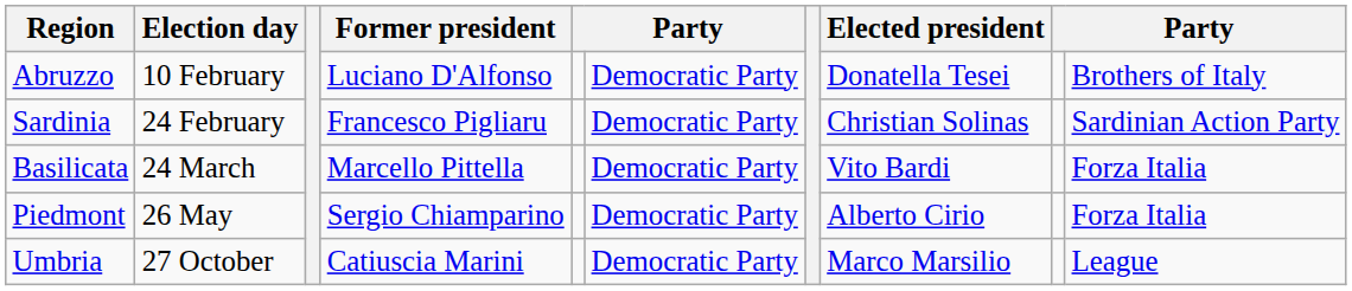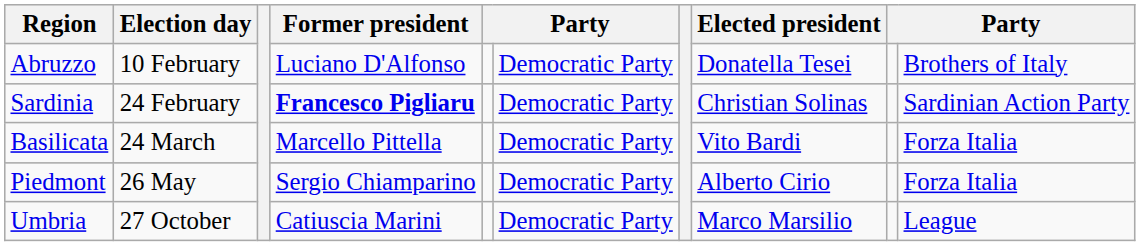 <table class="wikitable" style="valign:top;">
 <tr>
 <th>Region</th>
 <th>Election day</th>
 <th rowspan=6 style="width:1px;"></th>
 <th>Former president</th>
 <th colspan=2>Party</th>
 <th rowspan=6 style="width:1px;"></th>
 <th>Elected president</th>
 <th colspan=2>Party</th>
 </tr>
 <tr>
 <td><a href='#'>Abruzzo</a></td>
 <td>10 February</td>
 <td><a href='#'>Luciano D'Alfonso</a></td>
 <td style="background-color:"></td>
 <td align="left"><a href='#'>Democratic Party</a></td>
 <td><a href='#'>Donatella Tesei</a></td>
 <td style="background-color:"></td>
 <td align="left"><a href='#'>Brothers of Italy</a></td>
 </tr>
 <tr>
 <td><a href='#'>Sardinia</a></td>
 <td>24 February</td>
-<td><a href='#'>Francesco Pigliaru</a></td>
+<td><strong><a href='#'>Francesco Pigliaru</a></strong></td>
 <td style="background-color:"></td>
 <td align="left"><a href='#'>Democratic Party</a></td>
 <td><a href='#'>Christian Solinas</a></td>
 <td style="background-color:"></td>
 <td align="left"><a href='#'>Sardinian Action Party</a></td>
 </tr>
 <tr>
 <td><a href='#'>Basilicata</a></td>
 <td>24 March</td>
 <td><a href='#'>Marcello Pittella</a></td>
 <td style="background-color:"></td>
 <td align="left"><a href='#'>Democratic Party</a></td>
 <td><a href='#'>Vito Bardi</a></td>
 <td style="background-color:"></td>
 <td align="left"><a href='#'>Forza Italia</a></td>
 </tr>
 <tr>
 <td><a href='#'>Piedmont</a></td>
 <td>26 May</td>
 <td><a href='#'>Sergio Chiamparino</a></td>
 <td style="background-color:"></td>
 <td align="left"><a href='#'>Democratic Party</a></td>
 <td><a href='#'>Alberto Cirio</a></td>
 <td style="background-color:"></td>
 <td align="left"><a href='#'>Forza Italia</a></td>
 </tr>
 <tr>
 <td><a href='#'>Umbria</a></td>
 <td>27 October</td>
 <td><a href='#'>Catiuscia Marini</a></td>
 <td style="background-color:"></td>
 <td align="left"><a href='#'>Democratic Party</a></td>
 <td><a href='#'>Marco Marsilio</a></td>
 <td style="background-color:"></td>
 <td align="left"><a href='#'>League</a></td>
 </tr>
 </table>
